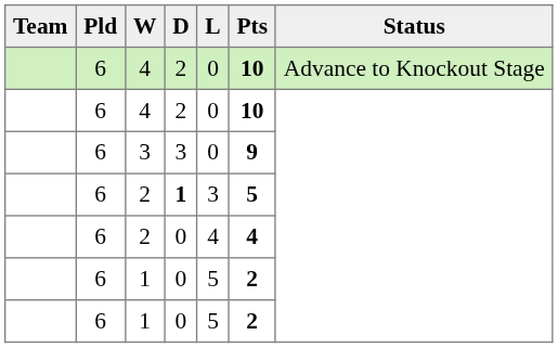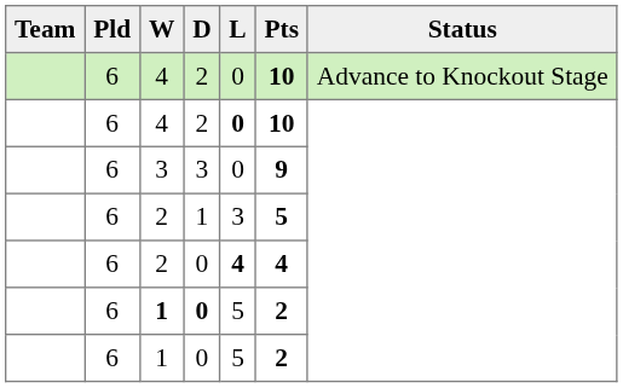 <table style=border-collapse:collapse border=1 cellspacing=0 cellpadding=5>
 <tr align=center bgcolor=#efefef>
 <th>Team</th>
 <th>Pld</th>
 <th>W</th>
 <th>D</th>
 <th>L</th>
 <th>Pts</th>
 <th>Status</th>
 </tr>
 <tr align=center style="background:#D0F0C0;">
 <td style="text-align:left;"> </td>
 <td>6</td>
 <td>4</td>
 <td>2</td>
 <td>0</td>
 <td><strong>10</strong></td>
 <td rowspan=1>Advance to Knockout Stage</td>
 </tr>
 <tr align=center style="background:#FFFFFF;">
 <td style="text-align:left;"> </td>
 <td>6</td>
 <td>4</td>
 <td>2</td>
-<td>0</td>
+<td><strong>0</strong></td>
 <td><strong>10</strong></td>
 <td rowspan=6></td>
 </tr>
 <tr align=center style="background:#FFFFFF;">
 <td style="text-align:left;"> </td>
 <td>6</td>
 <td>3</td>
 <td>3</td>
 <td>0</td>
 <td><strong>9</strong></td>
 </tr>
 <tr align=center style="background:#FFFFFF;">
 <td style="text-align:left;"> </td>
 <td>6</td>
 <td>2</td>
-<td><strong>1</strong></td>
+<td>1</td>
 <td>3</td>
 <td><strong>5</strong></td>
 </tr>
 <tr align=center style="background:#FFFFFF;">
 <td style="text-align:left;"> </td>
 <td>6</td>
 <td>2</td>
 <td>0</td>
-<td>4</td>
+<td><strong>4</strong></td>
 <td><strong>4</strong></td>
 </tr>
 <tr align=center style="background:#FFFFFF;">
 <td style="text-align:left;"> </td>
 <td>6</td>
-<td>1</td>
-<td>0</td>
+<td><strong>1</strong></td>
+<td><strong>0</strong></td>
 <td>5</td>
 <td><strong>2</strong></td>
 </tr>
 <tr align=center style="background:#FFFFFF;">
 <td style="text-align:left;"> </td>
 <td>6</td>
 <td>1</td>
 <td>0</td>
 <td>5</td>
 <td><strong>2</strong></td>
 </tr>
 </table>
